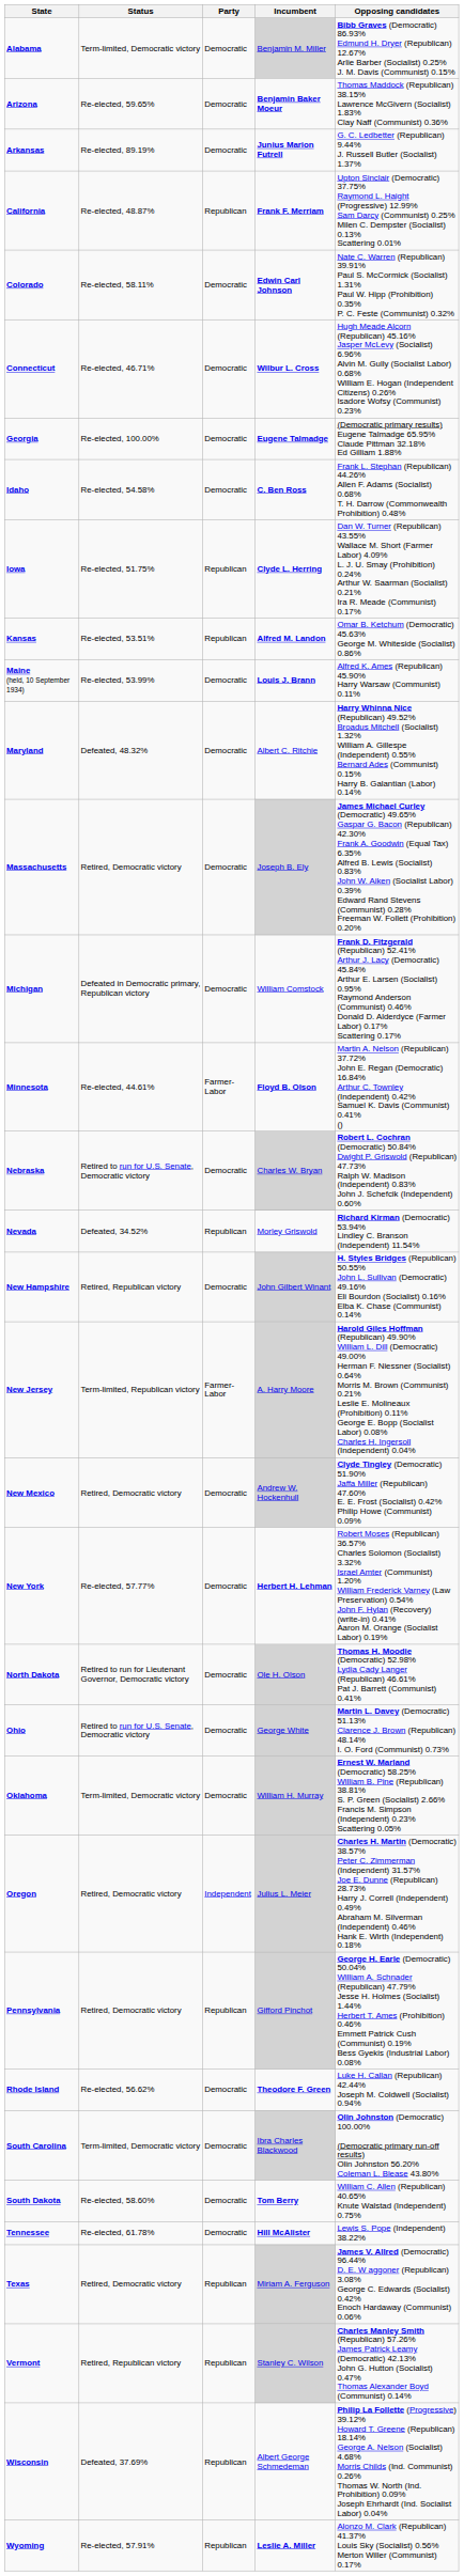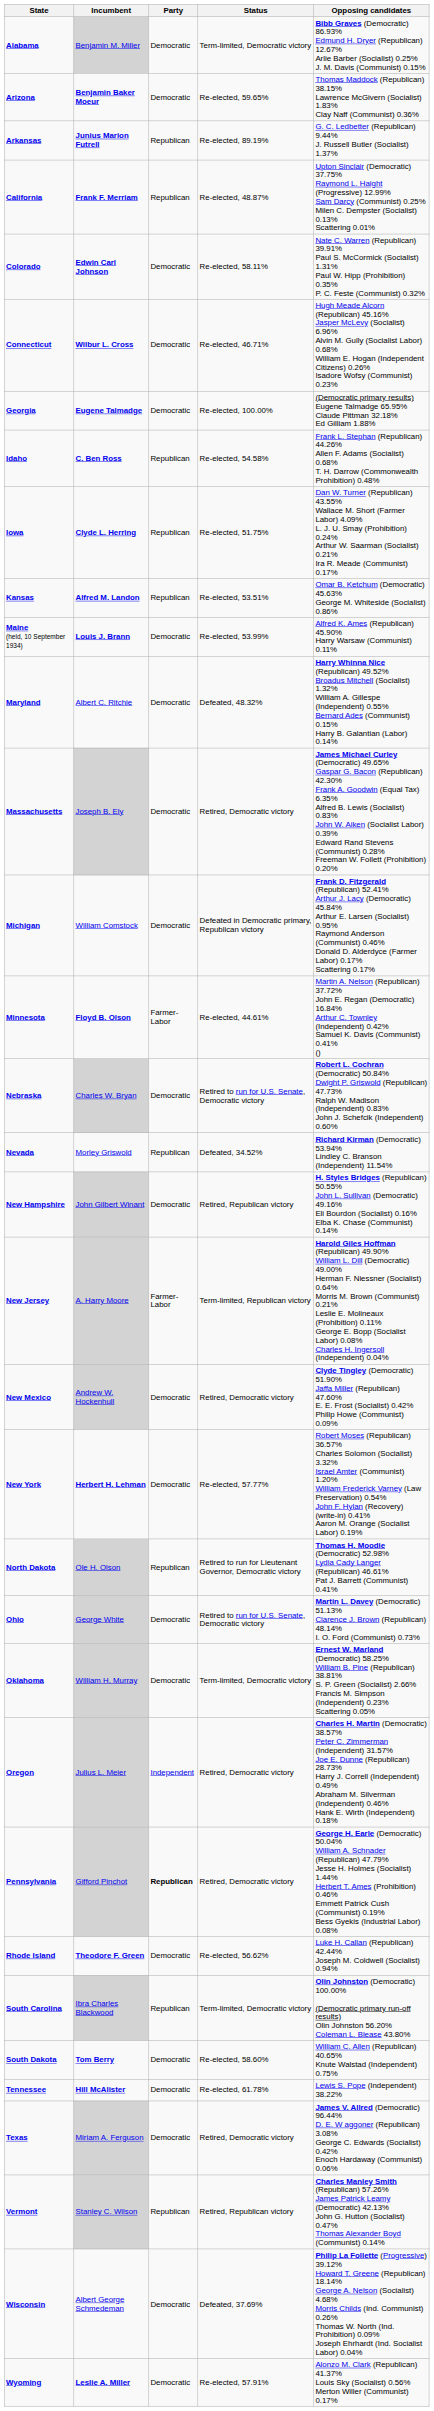 <table class="wikitable">
 <tr>
 <th>State</th>
+<th>Incumbent</th>
+<th>Party</th>
 <th>Status</th>
-<th>Party</th>
-<th>Incumbent</th>
 <th>Opposing candidates</th>
 </tr>
 <tr>
 <td><strong><a href='#'>Alabama</a></strong></td>
+<td bgcolor="lightgrey"><a href='#'>Benjamin M. Miller</a></td>
+<td>Democratic</td>
 <td>Term-limited, Democratic victory</td>
-<td>Democratic</td>
-<td bgcolor="lightgrey"><a href='#'>Benjamin M. Miller</a></td>
 <td><strong><a href='#'>Bibb Graves</a></strong> (Democratic) 86.93%<br><a href='#'>Edmund H. Dryer</a> (Republican) 12.67%<br>Arlie Barber (Socialist) 0.25%<br>J. M. Davis (Communist) 0.15%<br></td>
 </tr>
 <tr>
 <td><strong><a href='#'>Arizona</a></strong></td>
+<td><strong><a href='#'>Benjamin Baker Moeur</a></strong></td>
+<td>Democratic</td>
 <td>Re-elected, 59.65%</td>
-<td>Democratic</td>
-<td><strong><a href='#'>Benjamin Baker Moeur</a></strong></td>
 <td><a href='#'>Thomas Maddock</a> (Republican) 38.15%<br>Lawrence McGivern (Socialist) 1.83%<br>Clay Naff (Communist) 0.36%<br></td>
 </tr>
 <tr>
 <td><strong><a href='#'>Arkansas</a></strong></td>
+<td><strong><a href='#'>Junius Marion Futrell</a></strong></td>
+<td>Republican</td>
 <td>Re-elected, 89.19%</td>
-<td>Democratic</td>
-<td><strong><a href='#'>Junius Marion Futrell</a></strong></td>
 <td><a href='#'>G. C. Ledbetter</a> (Republican) 9.44%<br>J. Russell Butler (Socialist) 1.37%<br></td>
 </tr>
 <tr>
 <td><strong><a href='#'>California</a></strong></td>
+<td><strong><a href='#'>Frank F. Merriam</a></strong></td>
+<td>Republican</td>
 <td>Re-elected, 48.87%</td>
-<td>Republican</td>
-<td><strong><a href='#'>Frank F. Merriam</a></strong></td>
 <td><a href='#'>Upton Sinclair</a> (Democratic) 37.75%<br><a href='#'>Raymond L. Haight</a> (Progressive) 12.99%<br><a href='#'>Sam Darcy</a> (Communist) 0.25%<br>Milen C. Dempster (Socialist) 0.13%<br>Scattering 0.01%<br></td>
 </tr>
 <tr>
 <td><strong><a href='#'>Colorado</a></strong></td>
+<td><strong><a href='#'>Edwin Carl Johnson</a></strong></td>
+<td>Democratic</td>
 <td>Re-elected, 58.11%</td>
-<td>Democratic</td>
-<td><strong><a href='#'>Edwin Carl Johnson</a></strong></td>
 <td><a href='#'>Nate C. Warren</a> (Republican) 39.91%<br>Paul S. McCormick (Socialist) 1.31%<br>Paul W. Hipp (Prohibition) 0.35%<br>P. C. Feste (Communist) 0.32%<br></td>
 </tr>
 <tr>
 <td><strong><a href='#'>Connecticut</a></strong></td>
+<td><strong><a href='#'>Wilbur L. Cross</a></strong></td>
+<td>Democratic</td>
 <td>Re-elected, 46.71%</td>
-<td>Democratic</td>
-<td><strong><a href='#'>Wilbur L. Cross</a></strong></td>
 <td><a href='#'>Hugh Meade Alcorn</a> (Republican) 45.16%<br><a href='#'>Jasper McLevy</a> (Socialist) 6.96%<br>Alvin M. Gully (Socialist Labor) 0.68%<br>William E. Hogan (Independent Citizens) 0.26%<br>Isadore Wofsy (Communist) 0.23%<br></td>
 </tr>
 <tr>
 <td><strong><a href='#'>Georgia</a></strong></td>
+<td><strong><a href='#'>Eugene Talmadge</a></strong></td>
+<td>Democratic</td>
 <td>Re-elected, 100.00%<br></td>
-<td>Democratic</td>
-<td><strong><a href='#'>Eugene Talmadge</a></strong></td>
 <td><u>(Democratic primary results)</u><br>Eugene Talmadge 65.95%<br>Claude Pittman 32.18%<br>Ed Gilliam 1.88%<br></td>
 </tr>
 <tr>
 <td><strong><a href='#'>Idaho</a></strong></td>
+<td><strong><a href='#'>C. Ben Ross</a></strong></td>
+<td>Republican</td>
 <td>Re-elected, 54.58%</td>
-<td>Democratic</td>
-<td><strong><a href='#'>C. Ben Ross</a></strong></td>
 <td><a href='#'>Frank L. Stephan</a> (Republican) 44.26%<br>Allen F. Adams (Socialist) 0.68%<br>T. H. Darrow (Commonwealth Prohibition) 0.48%<br></td>
 </tr>
 <tr>
 <td><strong><a href='#'>Iowa</a></strong></td>
+<td><strong><a href='#'>Clyde L. Herring</a></strong></td>
+<td>Republican</td>
 <td>Re-elected, 51.75%</td>
-<td>Republican</td>
-<td><strong><a href='#'>Clyde L. Herring</a></strong></td>
 <td><a href='#'>Dan W. Turner</a> (Republican) 43.55%<br>Wallace M. Short (Farmer Labor) 4.09%<br>L. J. U. Smay (Prohibition) 0.24%<br>Arthur W. Saarman (Socialist) 0.21%<br>Ira R. Meade (Communist) 0.17%<br></td>
 </tr>
 <tr>
 <td><strong><a href='#'>Kansas</a></strong></td>
+<td><strong><a href='#'>Alfred M. Landon</a></strong></td>
+<td>Republican</td>
 <td>Re-elected, 53.51%</td>
-<td>Republican</td>
-<td><strong><a href='#'>Alfred M. Landon</a></strong></td>
 <td><a href='#'>Omar B. Ketchum</a> (Democratic) 45.63%<br>George M. Whiteside (Socialist) 0.86%<br></td>
 </tr>
 <tr>
 <td><strong><a href='#'>Maine</a></strong><br><small>(held, 10 September 1934)</small></td>
+<td><strong><a href='#'>Louis J. Brann</a></strong></td>
+<td>Democratic</td>
 <td>Re-elected, 53.99%</td>
-<td>Democratic</td>
-<td><strong><a href='#'>Louis J. Brann</a></strong></td>
 <td><a href='#'>Alfred K. Ames</a> (Republican) 45.90%<br>Harry Warsaw (Communist) 0.11%<br></td>
 </tr>
 <tr>
 <td><strong><a href='#'>Maryland</a></strong></td>
+<td><a href='#'>Albert C. Ritchie</a></td>
+<td>Democratic</td>
 <td>Defeated, 48.32%</td>
-<td>Democratic</td>
-<td><a href='#'>Albert C. Ritchie</a></td>
 <td><strong><a href='#'>Harry Whinna Nice</a></strong> (Republican) 49.52%<br><a href='#'>Broadus Mitchell</a> (Socialist) 1.32%<br>William A. Gillespe (Independent) 0.55%<br><a href='#'>Bernard Ades</a> (Communist) 0.15%<br>Harry B. Galantian (Labor) 0.14%<br></td>
 </tr>
 <tr>
 <td><strong><a href='#'>Massachusetts</a></strong></td>
+<td bgcolor="lightgrey"><a href='#'>Joseph B. Ely</a></td>
+<td>Democratic</td>
 <td>Retired, Democratic victory</td>
-<td>Democratic</td>
-<td bgcolor="lightgrey"><a href='#'>Joseph B. Ely</a></td>
 <td><strong><a href='#'>James Michael Curley</a></strong> (Democratic) 49.65%<br><a href='#'>Gaspar G. Bacon</a> (Republican) 42.30%<br><a href='#'>Frank A. Goodwin</a> (Equal Tax) 6.35%<br>Alfred B. Lewis (Socialist) 0.83%<br><a href='#'>John W. Aiken</a> (Socialist Labor) 0.39%<br>Edward Rand Stevens (Communist) 0.28%<br>Freeman W. Follett (Prohibition) 0.20%<br></td>
 </tr>
 <tr>
 <td><strong><a href='#'>Michigan</a></strong></td>
+<td><a href='#'>William Comstock</a></td>
+<td>Democratic</td>
 <td>Defeated in Democratic primary, Republican victory</td>
-<td>Democratic</td>
-<td><a href='#'>William Comstock</a></td>
 <td><strong><a href='#'>Frank D. Fitzgerald</a></strong> (Republican) 52.41%<br><a href='#'>Arthur J. Lacy</a> (Democratic) 45.84%<br>Arthur E. Larsen (Socialist) 0.95%<br>Raymond Anderson (Communist) 0.46%<br>Donald D. Alderdyce (Farmer Labor) 0.17%<br>Scattering 0.17%<br></td>
 </tr>
 <tr>
 <td><strong><a href='#'>Minnesota</a></strong></td>
+<td><strong><a href='#'>Floyd B. Olson</a></strong></td>
+<td>Farmer-Labor</td>
 <td>Re-elected, 44.61%</td>
-<td>Farmer-Labor</td>
-<td><strong><a href='#'>Floyd B. Olson</a></strong></td>
 <td><a href='#'>Martin A. Nelson</a> (Republican) 37.72%<br>John E. Regan (Democratic) 16.84%<br><a href='#'>Arthur C. Townley</a> (Independent) 0.42%<br>Samuel K. Davis (Communist) 0.41%<br> () <br></td>
 </tr>
 <tr>
 <td><strong><a href='#'>Nebraska</a></strong></td>
+<td bgcolor="lightgrey"><a href='#'>Charles W. Bryan</a></td>
+<td>Democratic</td>
 <td>Retired to <a href='#'>run for U.S. Senate</a>, Democratic victory</td>
-<td>Democratic</td>
-<td bgcolor="lightgrey"><a href='#'>Charles W. Bryan</a></td>
 <td><strong><a href='#'>Robert L. Cochran</a></strong> (Democratic) 50.84%<br><a href='#'>Dwight P. Griswold</a> (Republican) 47.73%<br>Ralph W. Madison (Independent) 0.83%<br>John J. Schefcik (Independent) 0.60%<br></td>
 </tr>
 <tr>
 <td><strong><a href='#'>Nevada</a></strong></td>
+<td><a href='#'>Morley Griswold</a></td>
+<td>Republican</td>
 <td>Defeated, 34.52%</td>
-<td>Republican</td>
-<td><a href='#'>Morley Griswold</a></td>
 <td><strong><a href='#'>Richard Kirman</a></strong> (Democratic) 53.94%<br>Lindley C. Branson (Independent) 11.54%<br></td>
 </tr>
 <tr>
 <td><strong><a href='#'>New Hampshire</a></strong></td>
+<td bgcolor="lightgrey"><a href='#'>John Gilbert Winant</a></td>
+<td>Democratic</td>
 <td>Retired, Republican victory</td>
-<td>Democratic</td>
-<td bgcolor="lightgrey"><a href='#'>John Gilbert Winant</a></td>
 <td><strong><a href='#'>H. Styles Bridges</a></strong> (Republican) 50.55%<br><a href='#'>John L. Sullivan</a> (Democratic) 49.16%<br>Eli Bourdon (Socialist) 0.16%<br>Elba K. Chase (Communist) 0.14%<br></td>
 </tr>
 <tr>
 <td><strong><a href='#'>New Jersey</a></strong></td>
+<td bgcolor="lightgrey"><a href='#'>A. Harry Moore</a></td>
+<td>Farmer-Labor</td>
 <td>Term-limited, Republican victory</td>
-<td>Farmer-Labor</td>
-<td bgcolor="lightgrey"><a href='#'>A. Harry Moore</a></td>
 <td><strong><a href='#'>Harold Giles Hoffman</a></strong> (Republican) 49.90%<br><a href='#'>William L. Dill</a> (Democratic) 49.00%<br>Herman F. Niessner (Socialist) 0.64%<br>Morris M. Brown (Communist) 0.21%<br>Leslie E. Molineaux (Prohibition) 0.11%<br>George E. Bopp (Socialist Labor) 0.08%<br><a href='#'>Charles H. Ingersoll</a> (Independent) 0.04%<br></td>
 </tr>
 <tr>
 <td><strong><a href='#'>New Mexico</a></strong></td>
+<td bgcolor="lightgrey"><a href='#'>Andrew W. Hockenhull</a></td>
+<td>Democratic</td>
 <td>Retired, Democratic victory</td>
-<td>Democratic</td>
-<td bgcolor="lightgrey"><a href='#'>Andrew W. Hockenhull</a></td>
 <td><strong><a href='#'>Clyde Tingley</a></strong> (Democratic) 51.90%<br><a href='#'>Jaffa Miller</a> (Republican) 47.60%<br>E. E. Frost (Socialist) 0.42%<br>Philip Howe (Communist) 0.09%<br></td>
 </tr>
 <tr>
 <td><strong><a href='#'>New York</a></strong></td>
+<td><strong><a href='#'>Herbert H. Lehman</a></strong></td>
+<td>Democratic</td>
 <td>Re-elected, 57.77%</td>
-<td>Democratic</td>
-<td><strong><a href='#'>Herbert H. Lehman</a></strong></td>
 <td><a href='#'>Robert Moses</a> (Republican) 36.57%<br>Charles Solomon (Socialist) 3.32%<br><a href='#'>Israel Amter</a> (Communist) 1.20%<br><a href='#'>William Frederick Varney</a> (Law Preservation) 0.54%<br><a href='#'>John F. Hylan</a> (Recovery) (write-in) 0.41%<br>Aaron M. Orange (Socialist Labor) 0.19%<br></td>
 </tr>
 <tr>
 <td><strong><a href='#'>North Dakota</a></strong></td>
+<td bgcolor="lightgrey"><a href='#'>Ole H. Olson</a></td>
+<td>Republican</td>
 <td>Retired to run for Lieutenant Governor, Democratic victory</td>
-<td>Democratic</td>
-<td bgcolor="lightgrey"><a href='#'>Ole H. Olson</a></td>
 <td><strong><a href='#'>Thomas H. Moodie</a></strong> (Democratic) 52.98%<br><a href='#'>Lydia Cady Langer</a> (Republican) 46.61%<br>Pat J. Barrett (Communist) 0.41%<br></td>
 </tr>
 <tr>
 <td><strong><a href='#'>Ohio</a></strong></td>
+<td bgcolor="lightgrey"><a href='#'>George White</a></td>
+<td>Democratic</td>
 <td>Retired to <a href='#'>run for U.S. Senate</a>, Democratic victory</td>
-<td>Democratic</td>
-<td bgcolor="lightgrey"><a href='#'>George White</a></td>
 <td><strong><a href='#'>Martin L. Davey</a></strong> (Democratic) 51.13%<br><a href='#'>Clarence J. Brown</a> (Republican) 48.14%<br>I. O. Ford (Communist) 0.73%<br></td>
 </tr>
 <tr>
 <td><strong><a href='#'>Oklahoma</a></strong></td>
+<td bgcolor="lightgrey"><a href='#'>William H. Murray</a></td>
+<td>Democratic</td>
 <td>Term-limited, Democratic victory</td>
-<td>Democratic</td>
-<td bgcolor="lightgrey"><a href='#'>William H. Murray</a></td>
 <td><strong><a href='#'>Ernest W. Marland</a></strong> (Democratic) 58.25%<br><a href='#'>William B. Pine</a> (Republican) 38.81%<br>S. P. Green (Socialist) 2.66%<br>Francis M. Simpson (Independent) 0.23%<br>Scattering 0.05%<br></td>
 </tr>
 <tr>
 <td><strong><a href='#'>Oregon</a></strong></td>
+<td bgcolor="lightgrey"><a href='#'>Julius L. Meier</a></td>
+<td><a href='#'>Independent</a></td>
 <td>Retired, Democratic victory</td>
-<td><a href='#'>Independent</a></td>
-<td bgcolor="lightgrey"><a href='#'>Julius L. Meier</a></td>
 <td><strong><a href='#'>Charles H. Martin</a></strong> (Democratic) 38.57%<br><a href='#'>Peter C. Zimmerman</a> (Independent) 31.57%<br><a href='#'>Joe E. Dunne</a> (Republican) 28.73%<br>Harry J. Correll (Independent) 0.49%<br>Abraham M. Silverman (Independent) 0.46%<br>Hank E. Wirth (Independent) 0.18%<br></td>
 </tr>
 <tr>
 <td><strong><a href='#'>Pennsylvania</a></strong></td>
+<td bgcolor="lightgrey"><a href='#'>Gifford Pinchot</a></td>
+<td><strong>Republican</strong></td>
 <td>Retired, Democratic victory</td>
-<td>Republican</td>
-<td bgcolor="lightgrey"><a href='#'>Gifford Pinchot</a></td>
 <td><strong><a href='#'>George H. Earle</a></strong> (Democratic) 50.04%<br><a href='#'>William A. Schnader</a> (Republican) 47.79%<br>Jesse H. Holmes (Socialist) 1.44%<br><a href='#'>Herbert T. Ames</a> (Prohibition) 0.46%<br>Emmett Patrick Cush (Communist) 0.19%<br>Bess Gyekis (Industrial Labor) 0.08%<br></td>
 </tr>
 <tr>
 <td><strong><a href='#'>Rhode Island</a></strong></td>
+<td><strong><a href='#'>Theodore F. Green</a></strong></td>
+<td>Democratic</td>
 <td>Re-elected, 56.62%</td>
-<td>Democratic</td>
-<td><strong><a href='#'>Theodore F. Green</a></strong></td>
 <td><a href='#'>Luke H. Callan</a> (Republican) 42.44%<br>Joseph M. Coldwell (Socialist) 0.94%<br></td>
 </tr>
 <tr>
 <td><strong><a href='#'>South Carolina</a></strong></td>
+<td bgcolor="lightgrey"><a href='#'>Ibra Charles Blackwood</a></td>
+<td>Republican</td>
 <td>Term-limited, Democratic victory</td>
-<td>Democratic</td>
-<td bgcolor="lightgrey"><a href='#'>Ibra Charles Blackwood</a></td>
 <td><strong><a href='#'>Olin Johnston</a></strong> (Democratic) 100.00%<br><br><u>(Democratic primary run-off results)</u><br>Olin Johnston 56.20%<br><a href='#'>Coleman L. Blease</a> 43.80%<br></td>
 </tr>
 <tr>
 <td><strong><a href='#'>South Dakota</a></strong></td>
+<td><strong><a href='#'>Tom Berry</a></strong></td>
+<td>Democratic</td>
 <td>Re-elected, 58.60%</td>
-<td>Democratic</td>
-<td><strong><a href='#'>Tom Berry</a></strong></td>
 <td><a href='#'>William C. Allen</a> (Republican) 40.65%<br>Knute Walstad (Independent) 0.75%<br></td>
 </tr>
 <tr>
 <td><strong><a href='#'>Tennessee</a></strong></td>
+<td><strong><a href='#'>Hill McAlister</a></strong></td>
+<td>Democratic</td>
 <td>Re-elected, 61.78%</td>
-<td>Democratic</td>
-<td><strong><a href='#'>Hill McAlister</a></strong></td>
 <td><a href='#'>Lewis S. Pope</a> (Independent) 38.22%<br></td>
 </tr>
 <tr>
 <td><strong><a href='#'>Texas</a></strong></td>
+<td bgcolor="lightgrey"><a href='#'>Miriam A. Ferguson</a></td>
+<td>Democratic</td>
 <td>Retired, Democratic victory</td>
-<td>Republican</td>
-<td bgcolor="lightgrey"><a href='#'>Miriam A. Ferguson</a></td>
 <td><strong><a href='#'>James V. Allred</a></strong> (Democratic) 96.44%<br><a href='#'>D. E. W aggoner</a> (Republican) 3.08%<br>George C. Edwards (Socialist) 0.42%<br>Enoch Hardaway (Communist) 0.06%<br></td>
 </tr>
 <tr>
 <td><strong><a href='#'>Vermont</a></strong></td>
+<td bgcolor="lightgrey"><a href='#'>Stanley C. Wilson</a></td>
+<td>Republican</td>
 <td>Retired, Republican victory</td>
-<td>Republican</td>
-<td bgcolor="lightgrey"><a href='#'>Stanley C. Wilson</a></td>
 <td><strong><a href='#'>Charles Manley Smith</a></strong> (Republican) 57.26%<br><a href='#'>James Patrick Leamy</a> (Democratic) 42.13%<br>John G. Hutton (Socialist) 0.47%<br><a href='#'>Thomas Alexander Boyd</a> (Communist) 0.14%<br></td>
 </tr>
 <tr>
 <td><strong><a href='#'>Wisconsin</a></strong></td>
+<td><a href='#'>Albert George Schmedeman</a></td>
+<td>Democratic</td>
 <td>Defeated, 37.69%</td>
-<td>Republican</td>
-<td><a href='#'>Albert George Schmedeman</a></td>
 <td><strong><a href='#'>Philip La Follette</a></strong> (<a href='#'>Progressive</a>) 39.12%<br><a href='#'>Howard T. Greene</a> (Republican) 18.14%<br><a href='#'>George A. Nelson</a> (Socialist) 4.68%<br><a href='#'>Morris Childs</a> (Ind. Communist) 0.26%<br>Thomas W. North (Ind. Prohibition) 0.09%<br>Joseph Ehrhardt (Ind. Socialist Labor) 0.04%<br></td>
 </tr>
 <tr>
 <td><strong><a href='#'>Wyoming</a></strong></td>
+<td><strong><a href='#'>Leslie A. Miller</a></strong></td>
+<td>Democratic</td>
 <td>Re-elected, 57.91%</td>
-<td>Republican</td>
-<td><strong><a href='#'>Leslie A. Miller</a></strong></td>
 <td><a href='#'>Alonzo M. Clark</a> (Republican) 41.37%<br>Louis Sky (Socialist) 0.56%<br>Merton Willer (Communist) 0.17%<br></td>
 </tr>
 </table>
